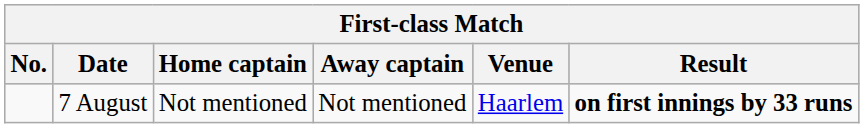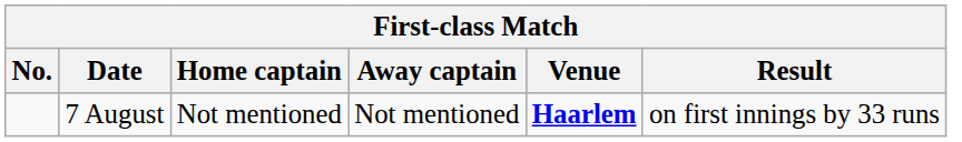 <table class="wikitable">
 <tr>
 <th colspan="9">First-class Match</th>
 </tr>
 <tr>
 <th>No.</th>
 <th>Date</th>
 <th>Home captain</th>
 <th>Away captain</th>
 <th>Venue</th>
 <th>Result</th>
 </tr>
 <tr>
 <td></td>
 <td>7 August</td>
 <td>Not mentioned</td>
 <td>Not mentioned</td>
-<td><a href='#'>Haarlem</a></td>
-<td><strong> on first innings by 33 runs</strong></td>
+<td><strong><a href='#'>Haarlem</a></strong></td>
+<td> on first innings by 33 runs</td>
 </tr>
 </table>
